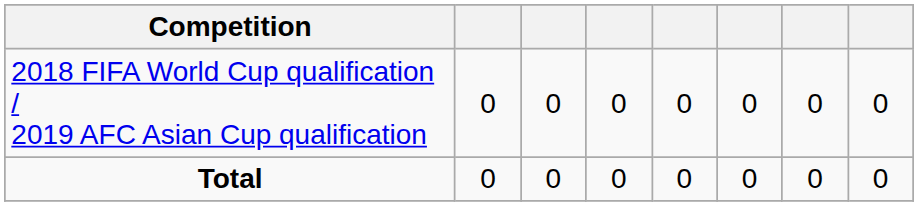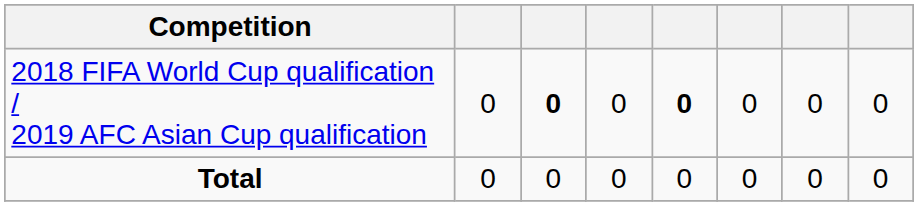 <table class="wikitable" style="text-align: center;">
 <tr>
 <th width=250>Competition</th>
 <th width=30></th>
 <th width=30></th>
 <th width=30></th>
 <th width=30></th>
 <th width=30></th>
 <th width=30></th>
 <th width=30></th>
 </tr>
 <tr>
 <td align="left"><a href='#'>2018 FIFA World Cup qualification / <br>2019 AFC Asian Cup qualification</a></td>
 <td>0</td>
+<td><strong>0</strong></td>
 <td>0</td>
-<td>0</td>
-<td>0</td>
+<td><strong>0</strong></td>
 <td>0</td>
 <td>0</td>
 <td>0</td>
 </tr>
 <tr>
 <td><strong>Total</strong></td>
 <td>0</td>
 <td>0</td>
 <td>0</td>
 <td>0</td>
 <td>0</td>
 <td>0</td>
 <td>0</td>
 </tr>
 </table>
